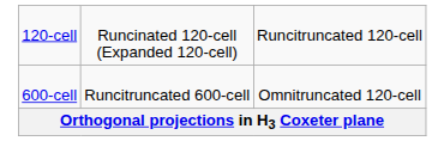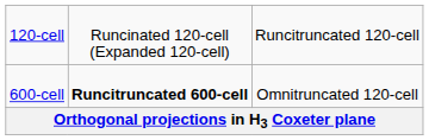 <table class=wikitable align=right>
 <tr align=center valign=top>
 <td><br><a href='#'>120-cell</a><br></td>
 <td><br>Runcinated 120-cell<br>(Expanded 120-cell)<br></td>
 <td><br>Runcitruncated 120-cell<br></td>
 </tr>
 <tr align=center valign=top>
 <td><br><a href='#'>600-cell</a><br></td>
-<td><br>Runcitruncated 600-cell<br></td>
+<td><strong><br>Runcitruncated 600-cell<br></strong></td>
 <td><br>Omnitruncated 120-cell<br></td>
 </tr>
 <tr>
 <th colspan=3><a href='#'>Orthogonal projections</a> in H<sub>3</sub> <a href='#'>Coxeter plane</a></th>
 </tr>
 </table>
